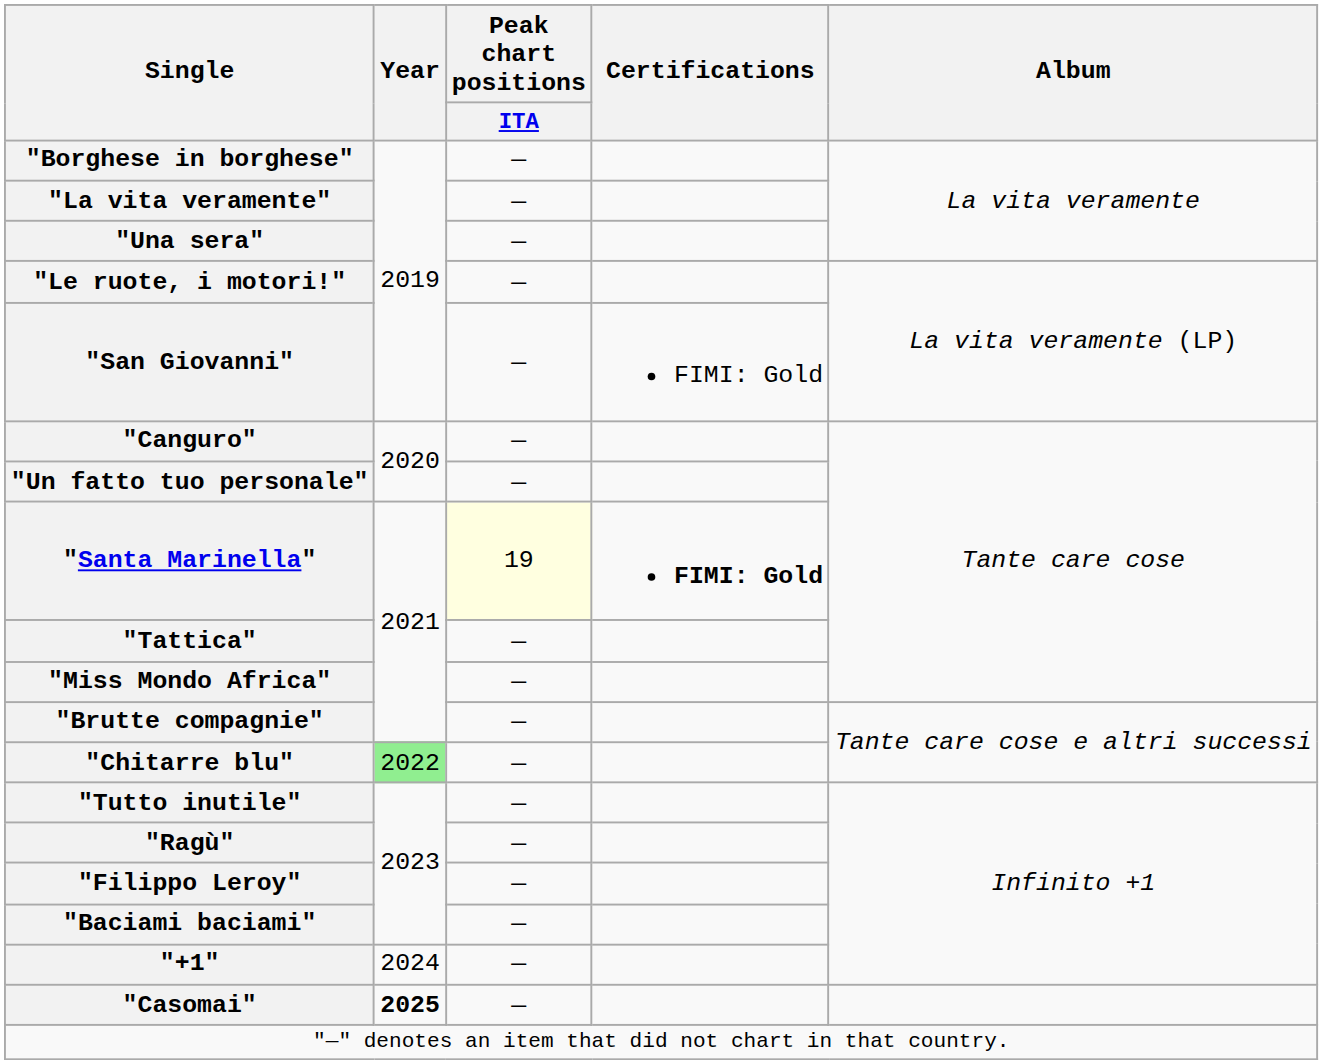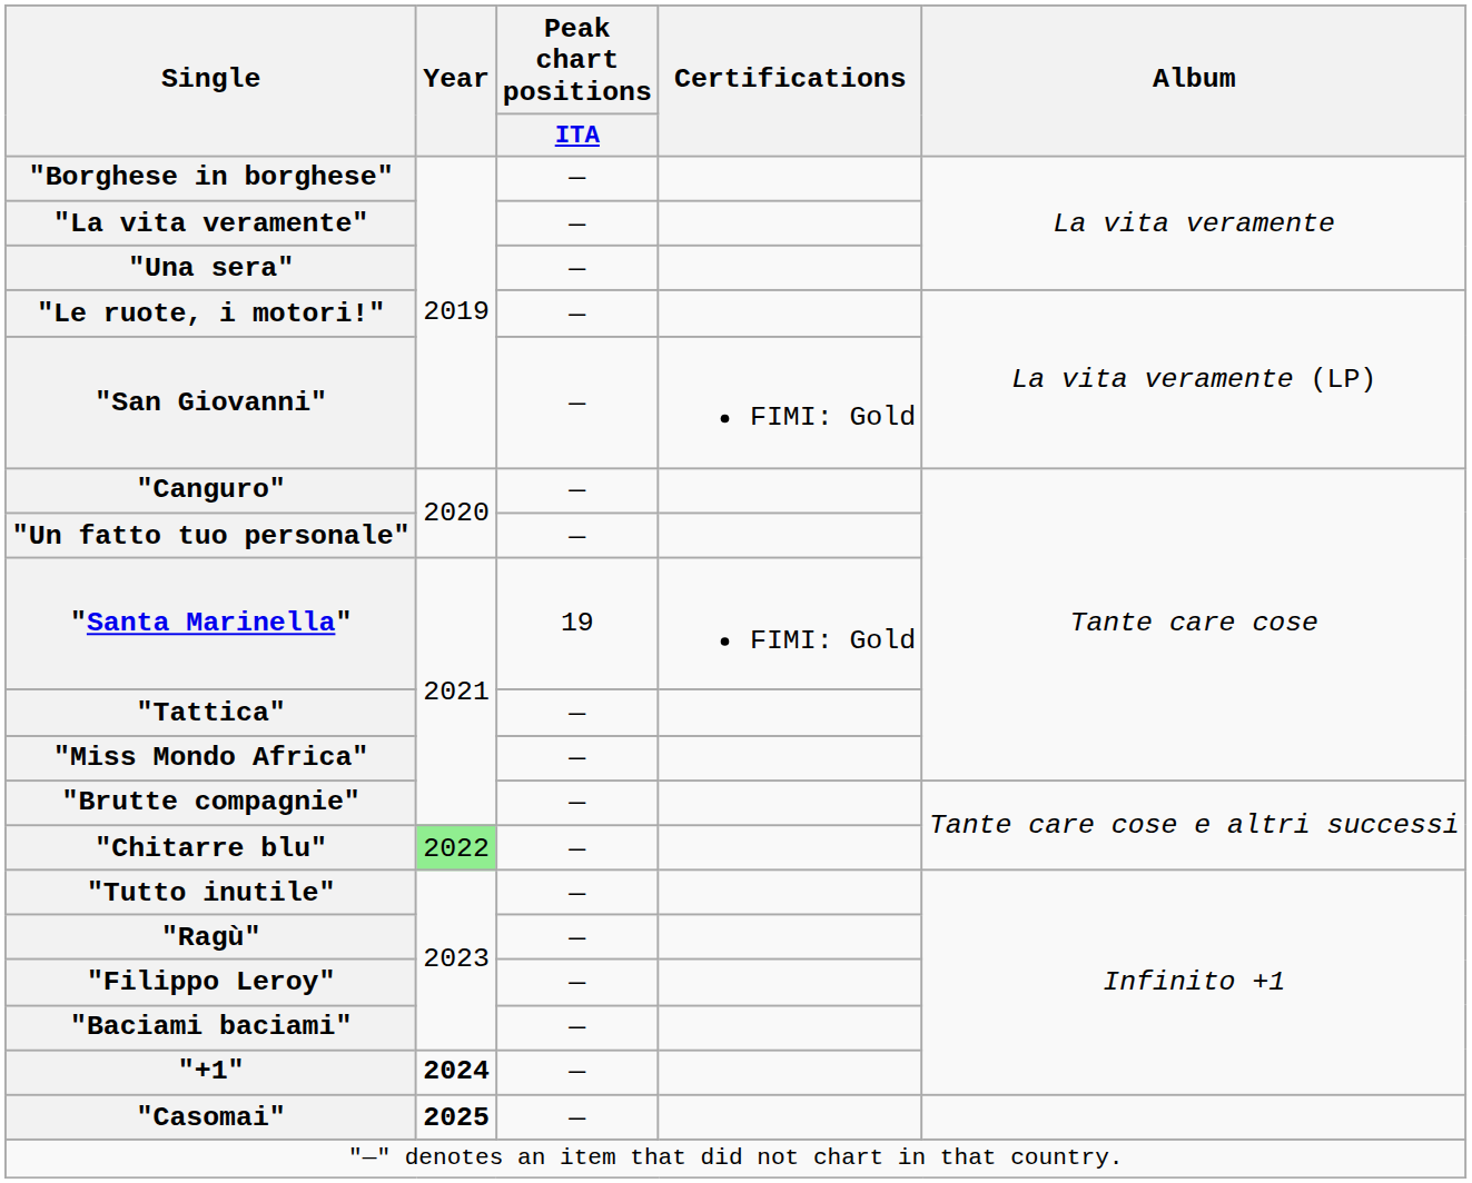 <table class="wikitable plainrowheaders" style="text-align:center;">
 <tr>
 <th scope="col" rowspan="2">Single</th>
 <th scope="col" rowspan="2">Year</th>
 <th scope="col" colspan="1">Peak chart positions</th>
 <th scope="col" rowspan="2">Certifications</th>
 <th scope="col" rowspan="2">Album</th>
 </tr>
 <tr>
 <th scope="col" style="width:3em;font-size:90%;"><a href='#'>ITA</a><br></th>
 </tr>
 <tr>
 <th scope="row">"Borghese in borghese"</th>
 <td rowspan="5">2019</td>
 <td>—</td>
 <td></td>
 <td rowspan="3"><em>La vita veramente</em></td>
 </tr>
 <tr>
 <th scope="row">"La vita veramente"</th>
 <td>—</td>
 <td></td>
 </tr>
 <tr>
 <th scope="row">"Una sera"</th>
 <td>—</td>
 <td></td>
 </tr>
 <tr>
 <th scope="row">"Le ruote, i motori!"</th>
 <td>—</td>
 <td></td>
 <td rowspan="2"><em>La vita veramente</em> (LP)</td>
 </tr>
 <tr>
 <th scope="row">"San Giovanni"</th>
 <td>—</td>
 <td><br><ul><li>FIMI: Gold</li></ul></td>
 </tr>
 <tr>
 <th scope="row">"Canguro"</th>
 <td rowspan="2">2020</td>
 <td>—</td>
 <td></td>
 <td rowspan="5"><em>Tante care cose</em></td>
 </tr>
 <tr>
 <th scope="row">"Un fatto tuo personale"</th>
 <td>—</td>
 <td></td>
 </tr>
 <tr>
 <th scope="row">"<a href='#'>Santa Marinella</a>"</th>
 <td rowspan="4">2021</td>
-<td style="background: lightyellow;">19</td>
-<td><strong><br><ul><li>FIMI: Gold</li></ul></strong></td>
+<td>19</td>
+<td><br><ul><li>FIMI: Gold</li></ul></td>
 </tr>
 <tr>
 <th scope="row">"Tattica"</th>
 <td>—</td>
 <td></td>
 </tr>
 <tr>
 <th scope="row">"Miss Mondo Africa"</th>
 <td>—</td>
 <td></td>
 </tr>
 <tr>
 <th scope="row">"Brutte compagnie"</th>
 <td>—</td>
 <td></td>
 <td rowspan="2"><em>Tante care cose e altri successi</em></td>
 </tr>
 <tr>
 <th scope="row">"Chitarre blu"</th>
 <td style="background: lightgreen;">2022</td>
 <td>—</td>
 <td></td>
 </tr>
 <tr>
 <th scope="row">"Tutto inutile"</th>
 <td rowspan="4">2023</td>
 <td>—</td>
 <td></td>
 <td rowspan="5"><em>Infinito +1</em></td>
 </tr>
 <tr>
 <th scope="row">"Ragù"</th>
 <td>—</td>
 <td></td>
 </tr>
 <tr>
 <th scope="row">"Filippo Leroy"</th>
 <td>—</td>
 <td></td>
 </tr>
 <tr>
 <th scope="row">"Baciami baciami"</th>
 <td>—</td>
 <td></td>
 </tr>
 <tr>
 <th scope="row">"+1"</th>
-<td>2024</td>
+<td><strong>2024</strong></td>
 <td>—</td>
 <td></td>
 </tr>
 <tr>
 <th scope="row">"Casomai"</th>
 <td><strong>2025</strong></td>
 <td>—</td>
 <td></td>
 <td></td>
 </tr>
 <tr>
 <td colspan="6" style="text-align:center; font-size:85%">"—" denotes an item that did not chart in that country.</td>
 </tr>
 </table>
